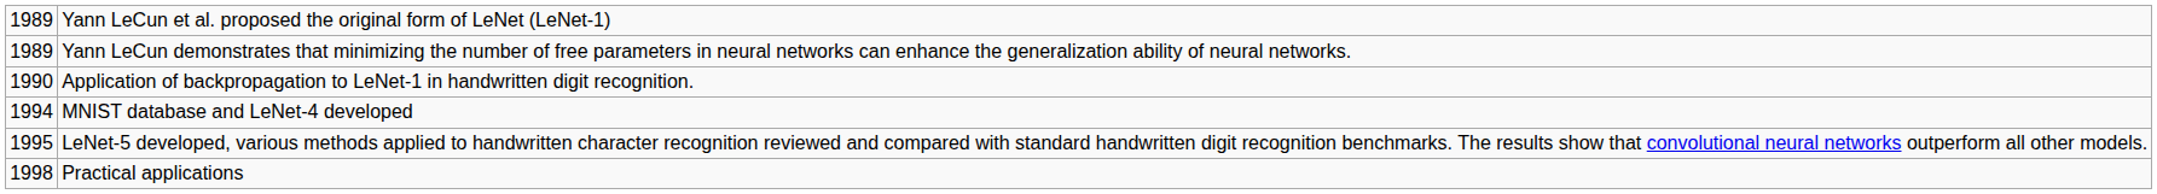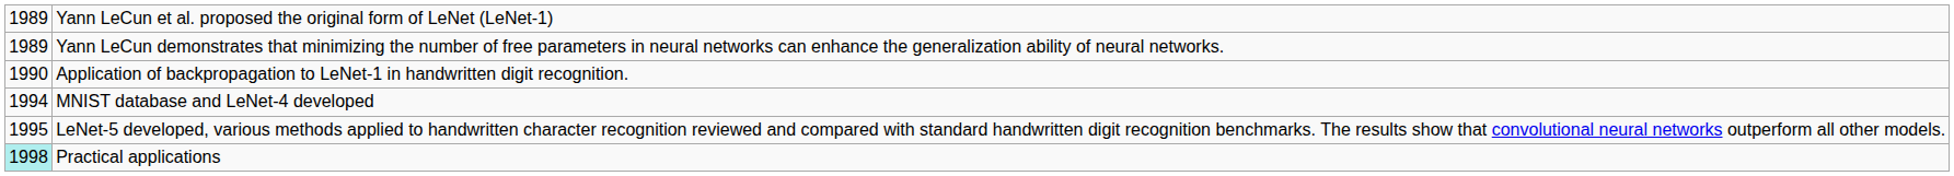 <table class="wikitable">
 <tr>
 <td>1989</td>
 <td>Yann LeCun et al. proposed the original form of LeNet (LeNet-1)</td>
 </tr>
 <tr>
 <td>1989</td>
 <td>Yann LeCun demonstrates that minimizing the number of free parameters in neural networks can enhance the generalization ability of neural networks.</td>
 </tr>
 <tr>
 <td>1990</td>
 <td>Application of backpropagation to LeNet-1 in handwritten digit recognition.</td>
 </tr>
 <tr>
 <td>1994</td>
 <td>MNIST database and LeNet-4 developed</td>
 </tr>
 <tr>
 <td>1995</td>
 <td>LeNet-5 developed, various methods applied to handwritten character recognition reviewed and compared with standard handwritten digit recognition benchmarks. The results show that <a href='#'>convolutional neural networks</a> outperform all other models.</td>
 </tr>
 <tr>
-<td>1998</td>
+<td style="background: paleturquoise;">1998</td>
 <td>Practical applications</td>
 </tr>
 </table>
